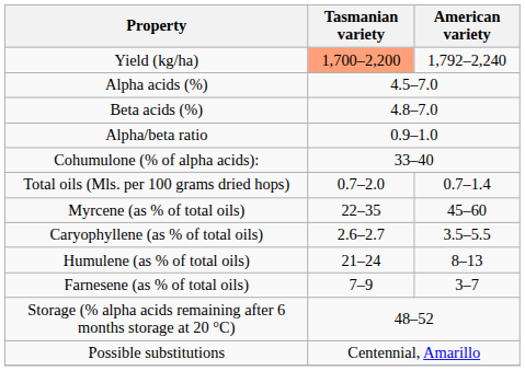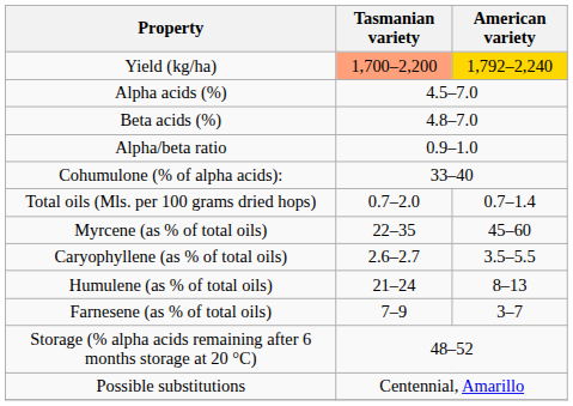 <table class="wikitable">
 <tr>
 <th width="300">Property</th>
 <th width="100">Tasmanian variety</th>
 <th width="100">American variety</th>
 </tr>
 <tr>
 <td align="center">Yield (kg/ha)</td>
 <td align="center" style="background: lightsalmon;">1,700–2,200</td>
-<td align="center">1,792–2,240</td>
+<td align="center" style="background: gold;">1,792–2,240</td>
 </tr>
 <tr>
 <td align="center">Alpha acids (%)</td>
 <td align="center" colspan="2">4.5–7.0</td>
 </tr>
 <tr>
 <td align="center">Beta acids (%)</td>
 <td align="center" colspan="2">4.8–7.0</td>
 </tr>
 <tr>
 <td align="center">Alpha/beta ratio</td>
 <td align="center" colspan="2">0.9–1.0</td>
 </tr>
 <tr>
 <td align="center">Cohumulone (% of alpha acids):</td>
 <td align="center" colspan="2">33–40</td>
 </tr>
 <tr>
 <td align="center">Total oils (Mls. per 100 grams dried hops)</td>
 <td align="center">0.7–2.0</td>
 <td align="center">0.7–1.4</td>
 </tr>
 <tr>
 <td align="center">Myrcene (as % of total oils)</td>
 <td align="center">22–35</td>
 <td align="center">45–60</td>
 </tr>
 <tr>
 <td align="center">Caryophyllene (as % of total oils)</td>
 <td align="center">2.6–2.7</td>
 <td align="center">3.5–5.5</td>
 </tr>
 <tr>
 <td align="center">Humulene (as % of total oils)</td>
 <td align="center">21–24</td>
 <td align="center">8–13</td>
 </tr>
 <tr>
 <td align="center">Farnesene (as % of total oils)</td>
 <td align="center">7–9</td>
 <td align="center">3–7</td>
 </tr>
 <tr>
 <td align="center">Storage (% alpha acids remaining after 6 months storage at 20 °C)</td>
 <td align="center" colspan="2">48–52</td>
 </tr>
 <tr>
 <td align="center">Possible substitutions</td>
 <td align="center" colspan="2">Centennial, <a href='#'>Amarillo</a></td>
 </tr>
 <tr>
 </tr>
 </table>
